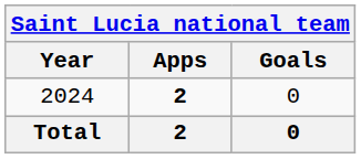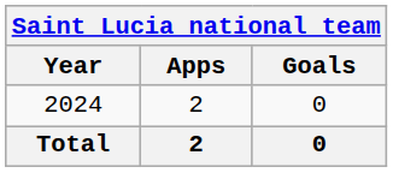 <table class="wikitable" style="text-align:center">
 <tr>
 <th colspan=3><a href='#'>Saint Lucia national team</a></th>
 </tr>
 <tr>
 <th>Year</th>
 <th>Apps</th>
 <th>Goals</th>
 </tr>
 <tr>
 <td>2024</td>
-<td><strong>2</strong></td>
+<td>2</td>
 <td>0</td>
 </tr>
 <tr>
 <th>Total</th>
 <th>2</th>
 <th>0</th>
 </tr>
 </table>
